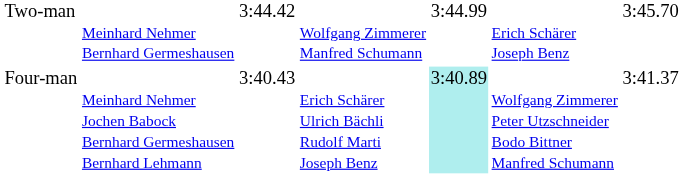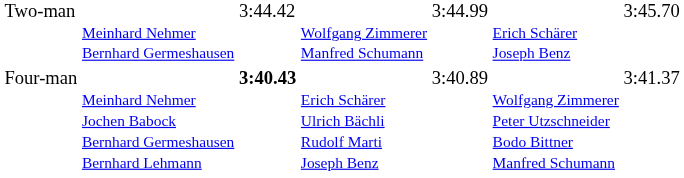 <table>
 <tr valign="top">
 <td>Two-man <br></td>
 <td><br> <small><a href='#'>Meinhard Nehmer</a><br><a href='#'>Bernhard Germeshausen</a></small></td>
 <td>3:44.42</td>
 <td><br> <small><a href='#'>Wolfgang Zimmerer</a><br><a href='#'>Manfred Schumann</a></small></td>
 <td>3:44.99</td>
 <td><br><small> <a href='#'>Erich Schärer</a><br><a href='#'>Joseph Benz</a></small></td>
 <td>3:45.70</td>
 </tr>
 <tr valign="top">
 <td>Four-man <br></td>
 <td><br><small> <a href='#'>Meinhard Nehmer</a><br> <a href='#'>Jochen Babock</a> <br> <a href='#'>Bernhard Germeshausen</a> <br> <a href='#'>Bernhard Lehmann</a></small></td>
-<td>3:40.43</td>
+<td><strong>3:40.43</strong></td>
 <td><br><small> <a href='#'>Erich Schärer</a> <br> <a href='#'>Ulrich Bächli</a> <br> <a href='#'>Rudolf Marti</a> <br>  <a href='#'>Joseph Benz</a></small></td>
-<td style="background: paleturquoise;">3:40.89</td>
+<td>3:40.89</td>
 <td><br><small> <a href='#'>Wolfgang Zimmerer</a> <br> <a href='#'>Peter Utzschneider</a> <br> <a href='#'>Bodo Bittner</a> <br>  <a href='#'>Manfred Schumann</a></small></td>
 <td>3:41.37</td>
 </tr>
 </table>
